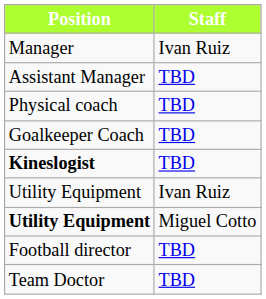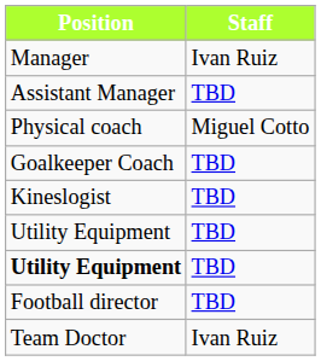 <table class="wikitable">
 <tr>
 <th style="color:White; background:#ADFF2F;">Position</th>
 <th style="color:White; background:#ADFF2F;">Staff</th>
 </tr>
 <tr>
 <td>Manager</td>
 <td> Ivan Ruiz</td>
 </tr>
 <tr>
 <td>Assistant Manager</td>
 <td> <a href='#'>TBD</a></td>
 </tr>
 <tr>
 <td>Physical coach</td>
-<td> <a href='#'>TBD</a></td>
+<td> Miguel Cotto</td>
 </tr>
 <tr>
 <td>Goalkeeper Coach</td>
 <td> <a href='#'>TBD</a></td>
 </tr>
 <tr>
-<td><strong>Kineslogist</strong></td>
+<td>Kineslogist</td>
 <td>  <a href='#'>TBD</a></td>
 </tr>
 <tr>
 <td>Utility Equipment</td>
-<td> Ivan Ruiz</td>
+<td> <a href='#'>TBD</a></td>
 </tr>
 <tr>
 <td><strong>Utility Equipment</strong></td>
-<td> Miguel Cotto</td>
+<td> <a href='#'>TBD</a></td>
 </tr>
 <tr>
 <td>Football director</td>
 <td> <a href='#'>TBD</a></td>
 </tr>
 <tr>
 <td>Team Doctor</td>
-<td> <a href='#'>TBD</a></td>
+<td> Ivan Ruiz</td>
 </tr>
 </table>
